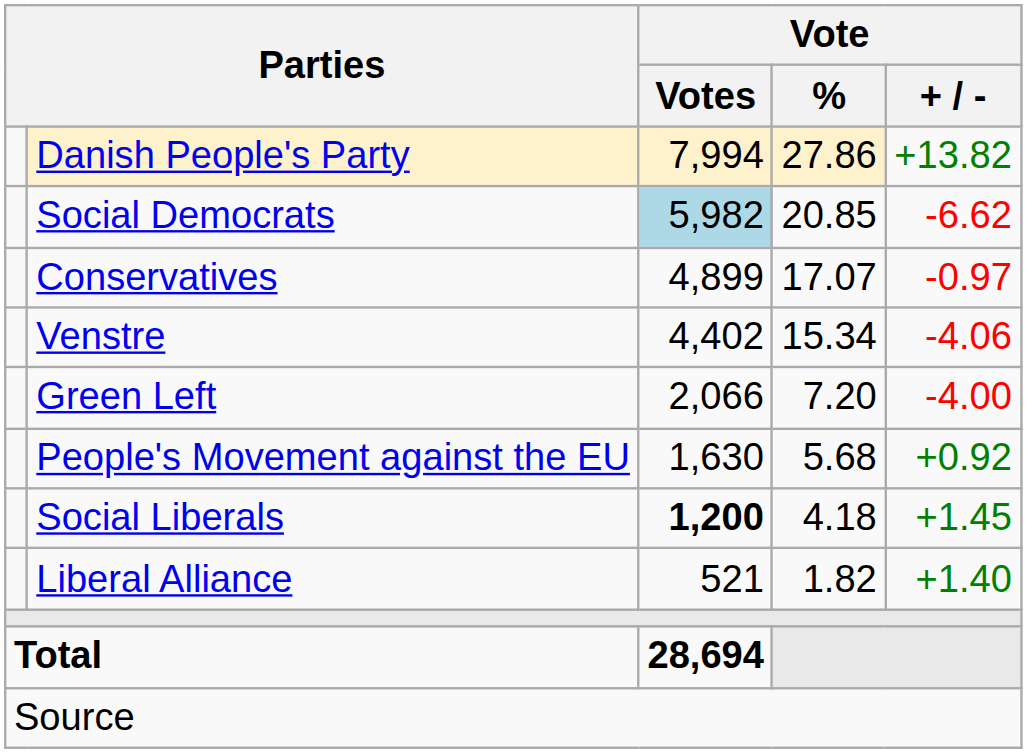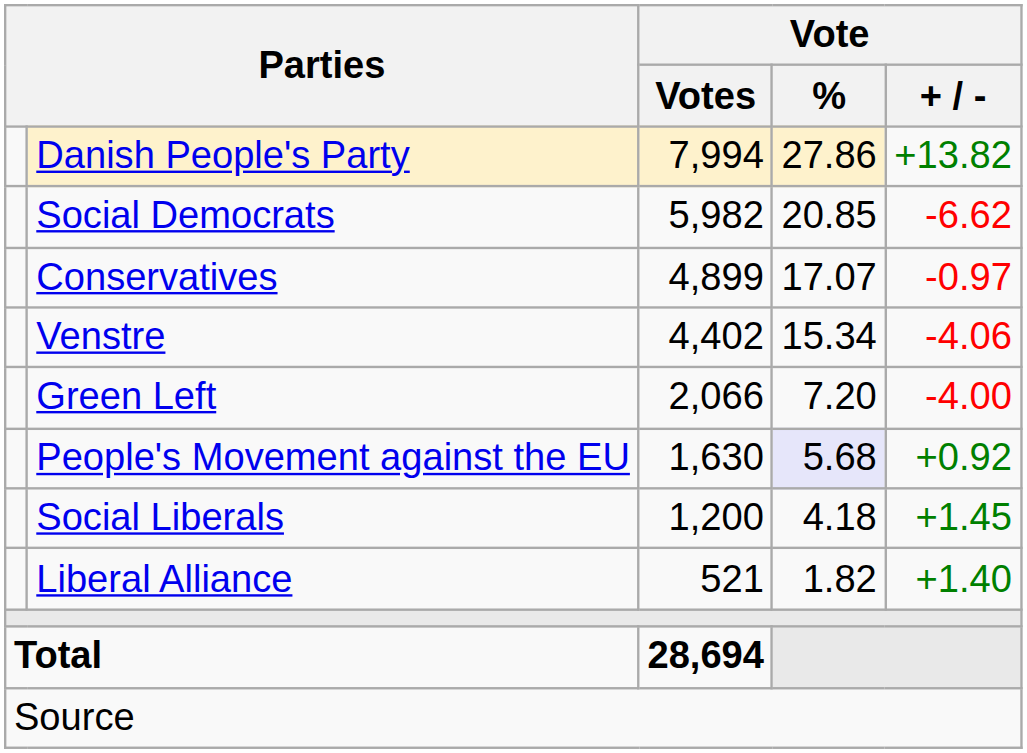 <table class="wikitable" style="text-align:right;">
 <tr>
 <th style="text-align:centre;" rowspan="2" colspan="2" width="225">Parties</th>
 <th colspan="3">Vote</th>
 </tr>
 <tr>
 <th width="15">Votes</th>
 <th width="15">%</th>
 <th width="15">+ / -</th>
 </tr>
 <tr>
 <td width="2" style="color:inherit;background:"></td>
 <td bgcolor=#fef2cc   align="left"><a href='#'>Danish People's Party</a></td>
 <td bgcolor=#fef2cc>7,994</td>
 <td bgcolor=#fef2cc>27.86</td>
 <td style=color:green;>+13.82</td>
 </tr>
 <tr>
 <td width="2" style="color:inherit;background:"></td>
 <td align="left"><a href='#'>Social Democrats</a></td>
-<td style="background: lightblue;">5,982</td>
+<td>5,982</td>
 <td>20.85</td>
 <td style=color:red;>-6.62</td>
 </tr>
 <tr>
 <td width="2" style="color:inherit;background:"></td>
 <td align="left"><a href='#'>Conservatives</a></td>
 <td>4,899</td>
 <td>17.07</td>
 <td style=color:red;>-0.97</td>
 </tr>
 <tr>
 <td width="2" style="color:inherit;background:"></td>
 <td align="left"><a href='#'>Venstre</a></td>
 <td>4,402</td>
 <td>15.34</td>
 <td style=color:red;>-4.06</td>
 </tr>
 <tr>
 <td width="2" style="color:inherit;background:"></td>
 <td align="left"><a href='#'>Green Left</a></td>
 <td>2,066</td>
 <td>7.20</td>
 <td style=color:red;>-4.00</td>
 </tr>
 <tr>
 <td width="2" style="color:inherit;background:"></td>
 <td align="left"><a href='#'>People's Movement against the EU</a></td>
 <td>1,630</td>
-<td>5.68</td>
+<td style="background: lavender;">5.68</td>
 <td style=color:green;>+0.92</td>
 </tr>
 <tr>
 <td width="2" style="color:inherit;background:"></td>
 <td align="left"><a href='#'>Social Liberals</a></td>
-<td><strong>1,200</strong></td>
+<td>1,200</td>
 <td>4.18</td>
 <td style=color:green;>+1.45</td>
 </tr>
 <tr>
 <td width="2" style="color:inherit;background:"></td>
 <td align="left"><a href='#'>Liberal Alliance</a></td>
 <td>521</td>
 <td>1.82</td>
 <td style=color:green;>+1.40</td>
 </tr>
 <tr>
 <td colspan="7" bgcolor="#E9E9E9"></td>
 </tr>
 <tr>
 <td align="left" colspan="2"><strong>Total</strong></td>
 <td><strong>28,694</strong></td>
 <td bgcolor="#E9E9E9" colspan="2"></td>
 </tr>
 <tr>
 <td align="left" colspan="6">Source</td>
 </tr>
 </table>
